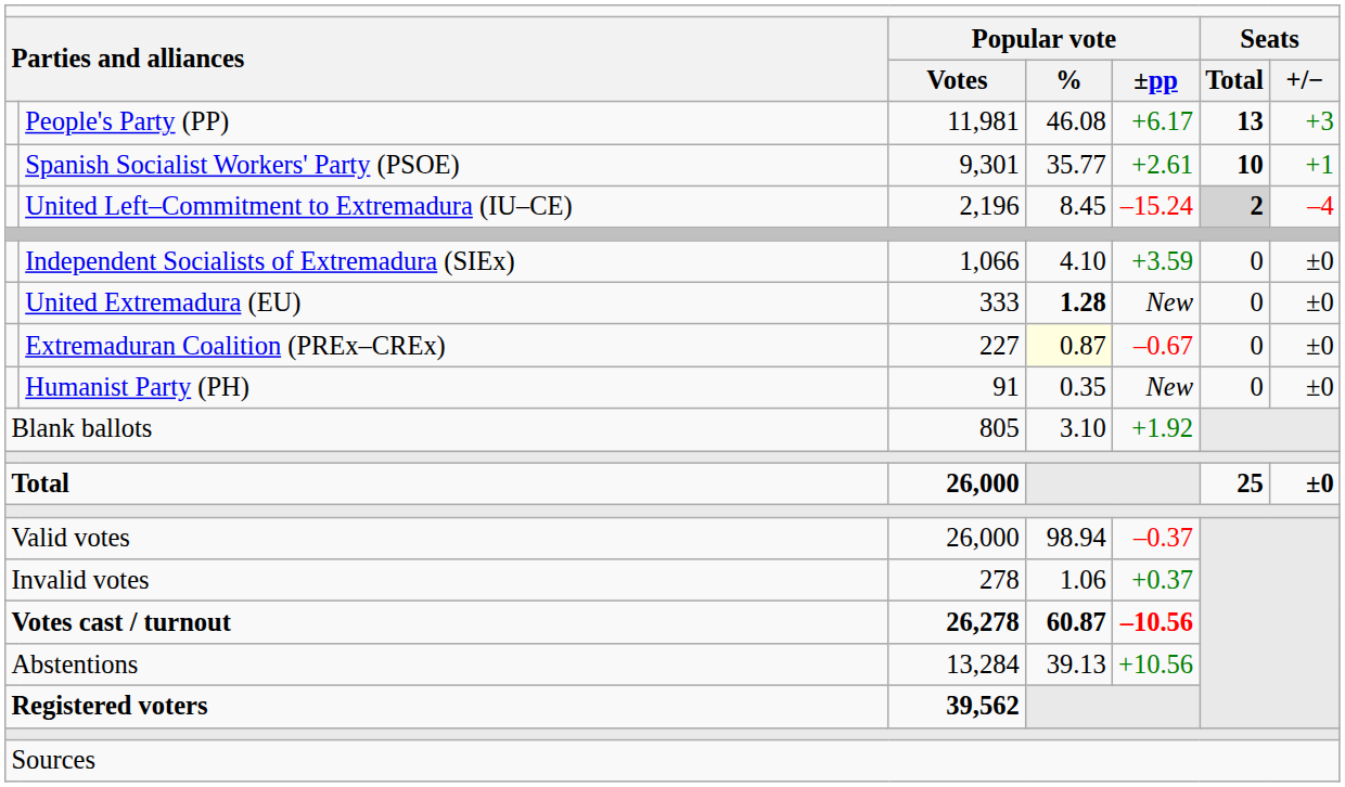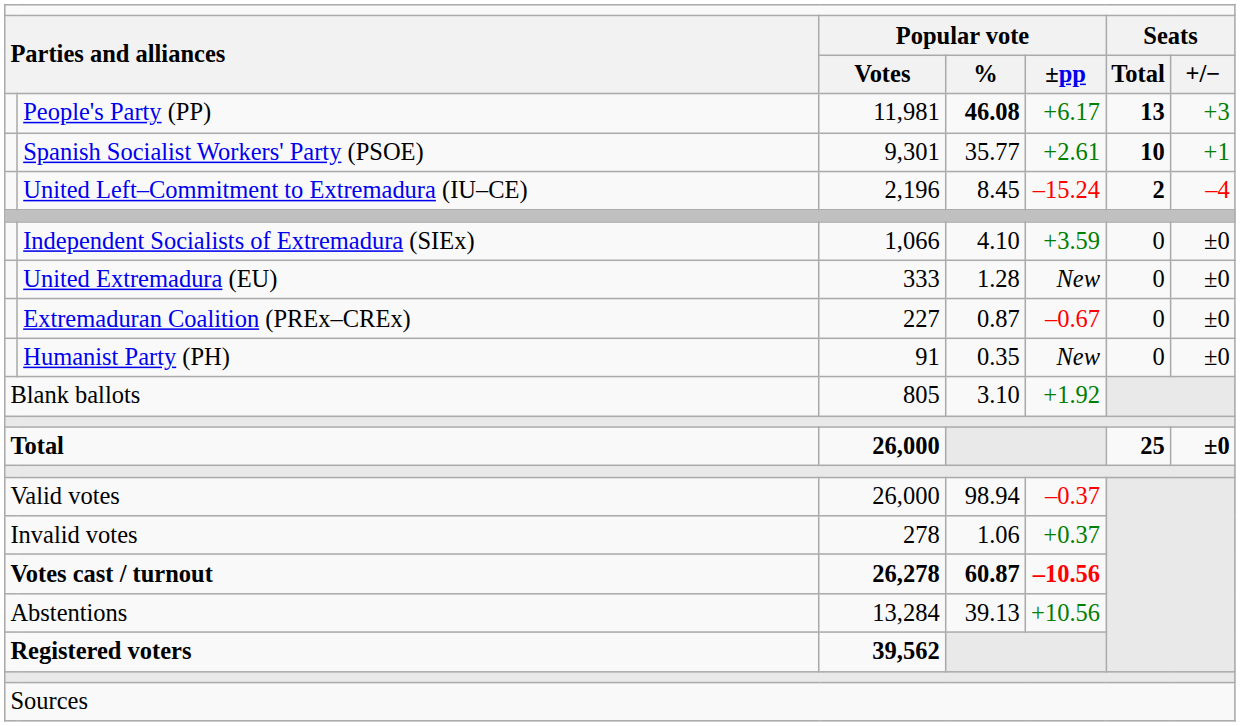 <table class="wikitable" style="text-align:right;">
 <tr>
 <td colspan="7"></td>
 </tr>
 <tr>
 <th style="text-align:left;" rowspan="2" colspan="2" width="525">Parties and alliances</th>
 <th colspan="3">Popular vote</th>
 <th colspan="2">Seats</th>
 </tr>
 <tr>
 <th width="75">Votes</th>
 <th width="45">%</th>
 <th width="45">±<a href='#'>pp</a></th>
 <th width="35">Total</th>
 <th width="35">+/−</th>
 </tr>
 <tr>
 <td width="1" style="color:inherit;background:"></td>
 <td align="left"><a href='#'>People's Party</a> (PP)</td>
 <td>11,981</td>
-<td>46.08</td>
+<td><strong>46.08</strong></td>
 <td style="color:green;">+6.17</td>
 <td><strong>13</strong></td>
 <td style="color:green;">+3</td>
 </tr>
 <tr>
 <td style="color:inherit;background:"></td>
 <td align="left"><a href='#'>Spanish Socialist Workers' Party</a> (PSOE)</td>
 <td>9,301</td>
 <td>35.77</td>
 <td style="color:green;">+2.61</td>
 <td><strong>10</strong></td>
 <td style="color:green;">+1</td>
 </tr>
 <tr>
 <td style="color:inherit;background:"></td>
 <td align="left"><a href='#'>United Left–Commitment to Extremadura</a> (IU–CE)</td>
 <td>2,196</td>
 <td>8.45</td>
 <td style="color:red;">–15.24</td>
-<td style="background: lightgrey;"><strong>2</strong></td>
+<td><strong>2</strong></td>
 <td style="color:red;">–4</td>
 </tr>
 <tr>
 <td colspan="7" bgcolor="#C0C0C0"></td>
 </tr>
 <tr>
 <td style="color:inherit;background:"></td>
 <td align="left"><a href='#'>Independent Socialists of Extremadura</a> (SIEx)</td>
 <td>1,066</td>
 <td>4.10</td>
 <td style="color:green;">+3.59</td>
 <td>0</td>
 <td>±0</td>
 </tr>
 <tr>
 <td style="color:inherit;background:"></td>
 <td align="left"><a href='#'>United Extremadura</a> (EU)</td>
 <td>333</td>
-<td><strong>1.28</strong></td>
+<td>1.28</td>
 <td><em>New</em></td>
 <td>0</td>
 <td>±0</td>
 </tr>
 <tr>
 <td style="color:inherit;background:"></td>
 <td align="left"><a href='#'>Extremaduran Coalition</a> (PREx–CREx)</td>
 <td>227</td>
-<td style="background: lightyellow;">0.87</td>
+<td>0.87</td>
 <td style="color:red;">–0.67</td>
 <td>0</td>
 <td>±0</td>
 </tr>
 <tr>
 <td style="color:inherit;background:"></td>
 <td align="left"><a href='#'>Humanist Party</a> (PH)</td>
 <td>91</td>
 <td>0.35</td>
 <td><em>New</em></td>
 <td>0</td>
 <td>±0</td>
 </tr>
 <tr>
 <td align="left" colspan="2">Blank ballots</td>
 <td>805</td>
 <td>3.10</td>
 <td style="color:green;">+1.92</td>
 <td bgcolor="#E9E9E9" colspan="2"></td>
 </tr>
 <tr>
 <td colspan="7" bgcolor="#E9E9E9"></td>
 </tr>
 <tr style="font-weight:bold;">
 <td align="left" colspan="2">Total</td>
 <td>26,000</td>
 <td bgcolor="#E9E9E9" colspan="2"></td>
 <td>25</td>
 <td>±0</td>
 </tr>
 <tr>
 <td colspan="7" bgcolor="#E9E9E9"></td>
 </tr>
 <tr>
 <td align="left" colspan="2">Valid votes</td>
 <td>26,000</td>
 <td>98.94</td>
 <td style="color:red;">–0.37</td>
 <td bgcolor="#E9E9E9" colspan="2" rowspan="5"></td>
 </tr>
 <tr>
 <td align="left" colspan="2">Invalid votes</td>
 <td>278</td>
 <td>1.06</td>
 <td style="color:green;">+0.37</td>
 </tr>
 <tr style="font-weight:bold;">
 <td align="left" colspan="2">Votes cast / turnout</td>
 <td>26,278</td>
 <td>60.87</td>
 <td style="color:red;">–10.56</td>
 </tr>
 <tr>
 <td align="left" colspan="2">Abstentions</td>
 <td>13,284</td>
 <td>39.13</td>
 <td style="color:green;">+10.56</td>
 </tr>
 <tr style="font-weight:bold;">
 <td align="left" colspan="2">Registered voters</td>
 <td>39,562</td>
 <td bgcolor="#E9E9E9" colspan="2"></td>
 </tr>
 <tr>
 <td colspan="7" bgcolor="#E9E9E9"></td>
 </tr>
 <tr>
 <td align="left" colspan="7">Sources</td>
 </tr>
 </table>
